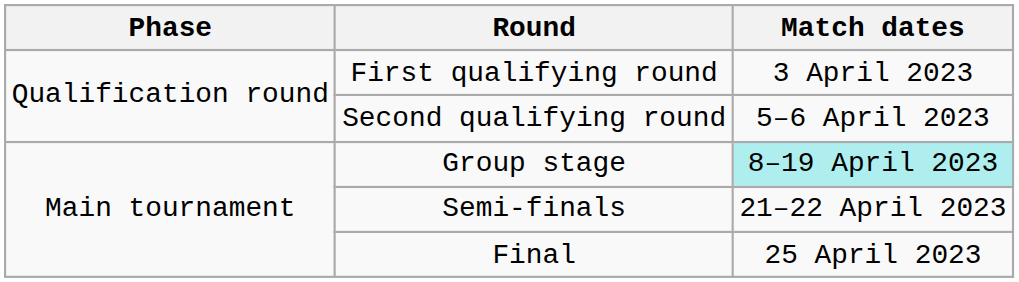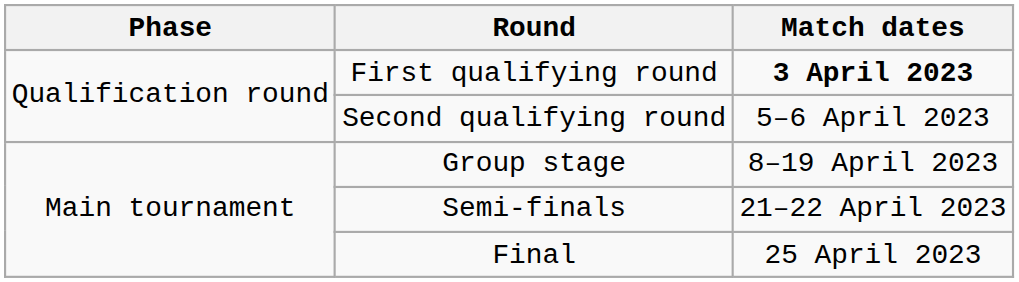 <table class="wikitable" style="text-align:center">
 <tr>
 <th>Phase</th>
 <th>Round</th>
 <th>Match dates</th>
 </tr>
 <tr>
 <td rowspan="2">Qualification round</td>
 <td>First qualifying round</td>
-<td>3 April 2023</td>
+<td><strong>3 April 2023</strong></td>
 </tr>
 <tr>
 <td>Second qualifying round</td>
 <td>5–6 April 2023</td>
 </tr>
 <tr>
 <td rowspan="3">Main tournament</td>
 <td>Group stage</td>
-<td style="background: paleturquoise;">8–19 April 2023</td>
+<td>8–19 April 2023</td>
 </tr>
 <tr>
 <td>Semi-finals</td>
 <td>21–22 April 2023</td>
 </tr>
 <tr>
 <td>Final</td>
 <td>25 April 2023</td>
 </tr>
 </table>
